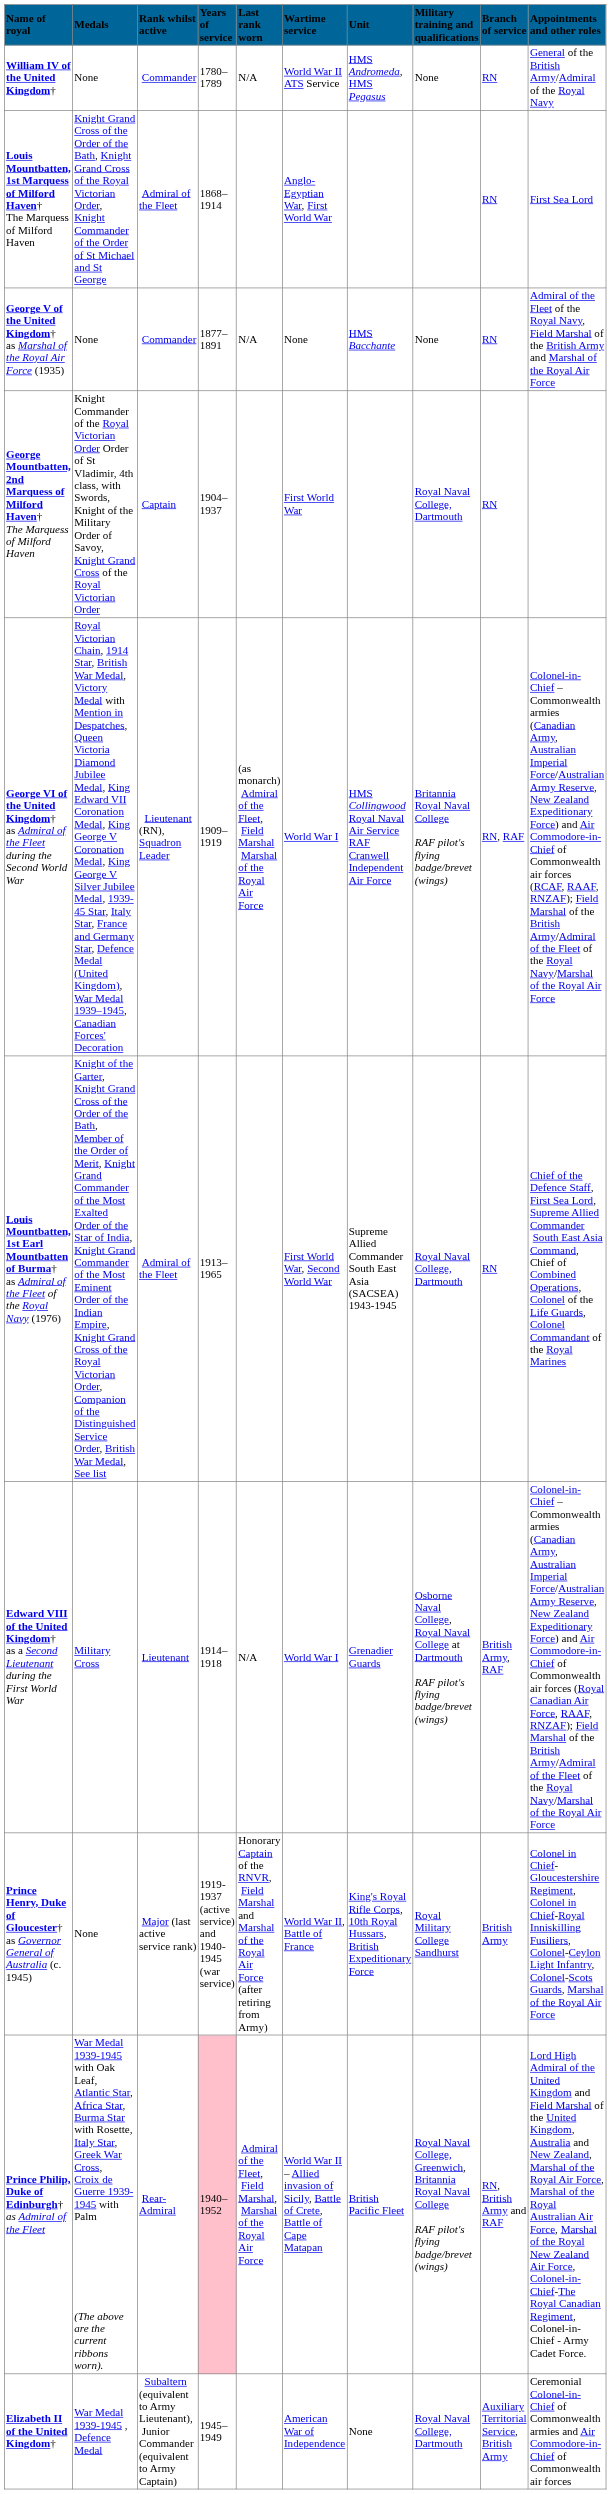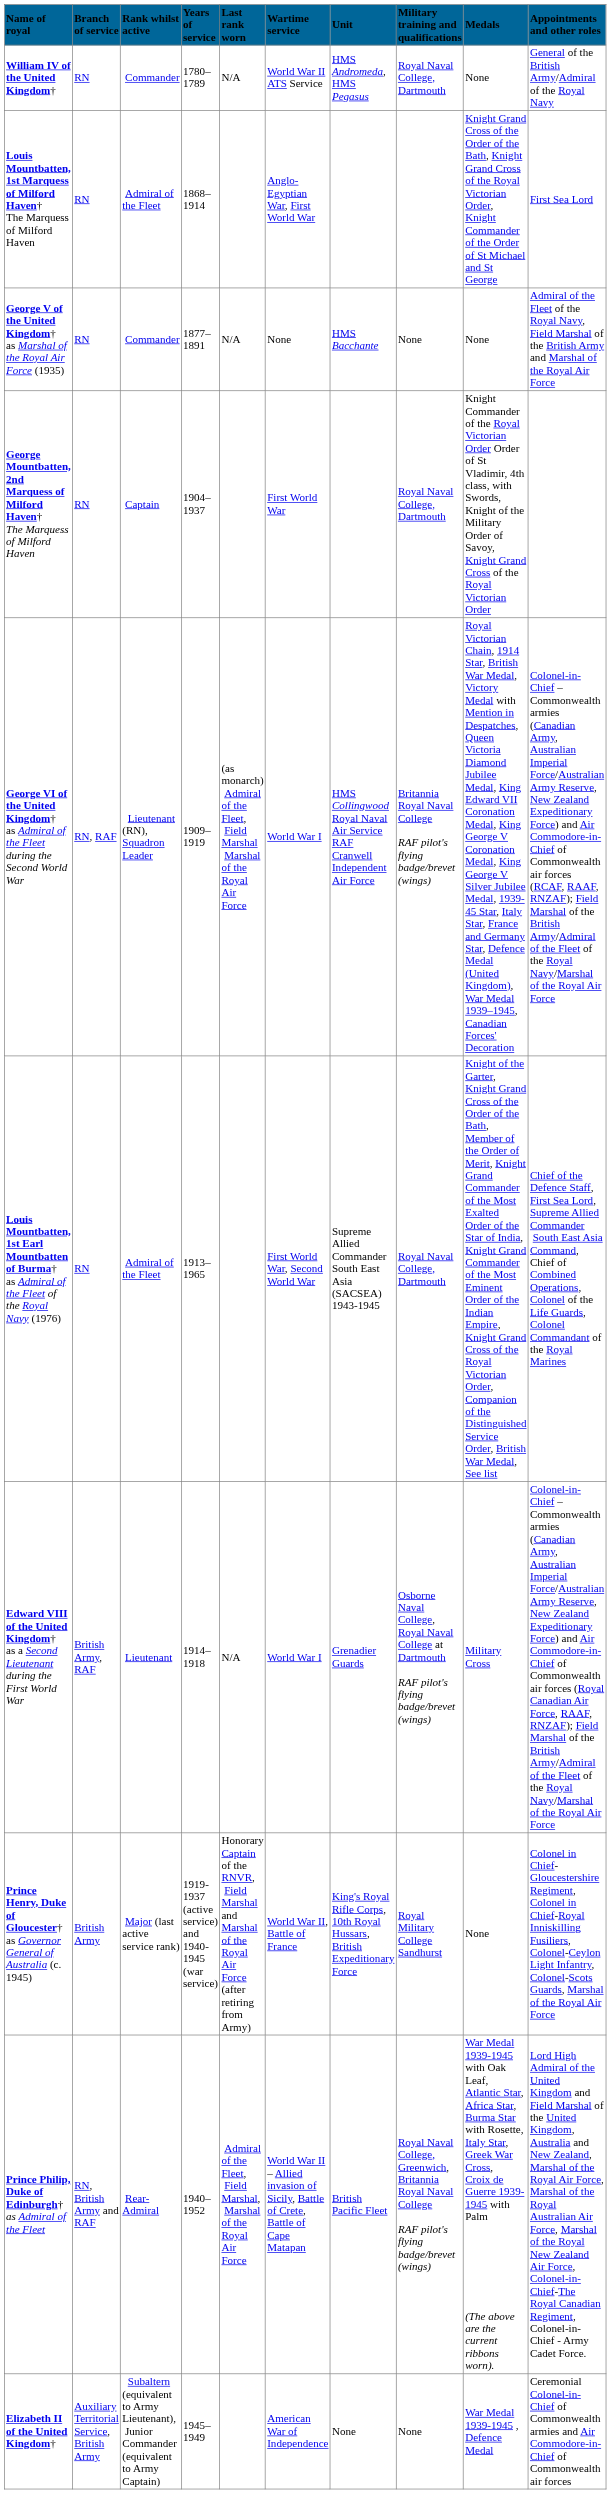 <table border="1" cellspacing="1" cellpadding="2" style="border-collapse: collapse;">
 <tr ---- bgcolor="#006699">
 <td><strong><span>Name of royal</span></strong></td>
-<td><strong><span>Medals</span></strong></td>
+<td><strong><span>Branch of service</span></strong></td>
 <td><strong><span>Rank whilst active</span></strong></td>
 <td><strong><span>Years of service</span></strong></td>
 <td><strong><span>Last rank worn</span></strong></td>
 <td><strong><span>Wartime service</span></strong></td>
 <td><strong><span>Unit</span></strong></td>
 <td><strong><span>Military training and qualifications</span></strong></td>
-<td><strong><span>Branch of service</span></strong></td>
+<td><strong><span>Medals</span></strong></td>
 <td><strong><span>Appointments and other roles</span></strong></td>
 </tr>
 <tr>
 <td><strong><a href='#'>William IV of the United Kingdom</a></strong>†<br></td>
-<td>None</td>
+<td><a href='#'>RN</a></td>
 <td> <a href='#'>Commander</a></td>
 <td>1780–1789</td>
 <td>N/A</td>
 <td><a href='#'>World War II</a> <a href='#'>ATS</a> Service</td>
 <td><a href='#'>HMS <em>Andromeda</em></a>, <a href='#'>HMS <em>Pegasus</em></a></td>
+<td><a href='#'>Royal Naval College, Dartmouth</a></td>
 <td>None</td>
-<td><a href='#'>RN</a></td>
 <td><a href='#'>General</a> of the <a href='#'>British Army</a>/<a href='#'>Admiral</a> of the <a href='#'>Royal Navy</a></td>
 </tr>
 <tr>
 <td><strong><a href='#'>Louis Mountbatten, 1st Marquess of Milford Haven</a></strong>†<br> The Marquess of Milford Haven</td>
-<td><a href='#'>Knight Grand Cross of the Order of the Bath</a>, <a href='#'>Knight Grand Cross of the Royal Victorian Order</a>, <a href='#'>Knight Commander of the Order of St Michael and St George</a></td>
+<td><a href='#'>RN</a></td>
 <td> <a href='#'>Admiral of the Fleet</a></td>
 <td>1868–1914</td>
 <td></td>
 <td><a href='#'>Anglo-Egyptian War</a>, <a href='#'>First World War</a></td>
 <td></td>
 <td></td>
-<td><a href='#'>RN</a></td>
+<td><a href='#'>Knight Grand Cross of the Order of the Bath</a>, <a href='#'>Knight Grand Cross of the Royal Victorian Order</a>, <a href='#'>Knight Commander of the Order of St Michael and St George</a></td>
 <td><a href='#'>First Sea Lord</a></td>
 </tr>
 <tr>
 <td><strong><a href='#'>George V of the United Kingdom</a></strong>†<br>  as <em><a href='#'>Marshal of the Royal Air Force</a></em> (1935)</td>
-<td>None</td>
+<td><a href='#'>RN</a></td>
 <td> <a href='#'>Commander</a></td>
 <td>1877–1891</td>
 <td>N/A</td>
 <td>None</td>
 <td><a href='#'>HMS <em>Bacchante</em></a></td>
 <td>None</td>
-<td><a href='#'>RN</a></td>
+<td>None</td>
 <td><a href='#'>Admiral of the Fleet</a> of the <a href='#'>Royal Navy</a>, <a href='#'>Field Marshal</a> of the <a href='#'>British Army</a> and <a href='#'>Marshal of the Royal Air Force</a></td>
 </tr>
 <tr>
 <td><strong><a href='#'>George Mountbatten, 2nd Marquess of Milford Haven</a></strong>†<br> <em>The Marquess of Milford Haven</em></td>
-<td>Knight Commander of the <a href='#'>Royal Victorian Order</a> Order of St Vladimir, 4th class, with Swords, Knight of the Military Order of Savoy,<br><a href='#'>Knight Grand Cross</a> of the <a href='#'>Royal Victorian Order</a></td>
+<td><a href='#'>RN</a></td>
 <td> <a href='#'>Captain</a></td>
 <td>1904–1937</td>
 <td></td>
 <td><a href='#'>First World War</a></td>
 <td></td>
 <td><a href='#'>Royal Naval College, Dartmouth</a></td>
-<td><a href='#'>RN</a></td>
+<td>Knight Commander of the <a href='#'>Royal Victorian Order</a> Order of St Vladimir, 4th class, with Swords, Knight of the Military Order of Savoy,<br><a href='#'>Knight Grand Cross</a> of the <a href='#'>Royal Victorian Order</a></td>
 <td></td>
 </tr>
 <tr>
 <td><strong><a href='#'>George VI of the United Kingdom</a></strong>†<br>  as <em><a href='#'>Admiral of the Fleet</a> during the Second World War</em></td>
-<td><a href='#'>Royal Victorian Chain</a>, <a href='#'>1914 Star</a>, <a href='#'>British War Medal</a>, <a href='#'>Victory Medal</a> with <a href='#'>Mention in Despatches</a>, <a href='#'>Queen Victoria Diamond Jubilee Medal</a>, <a href='#'>King Edward VII Coronation Medal</a>, <a href='#'>King George V Coronation Medal</a>, <a href='#'>King George V Silver Jubilee Medal</a>, <a href='#'>1939-45 Star</a>, <a href='#'>Italy Star</a>, <a href='#'>France and Germany Star</a>, <a href='#'>Defence Medal (United Kingdom)</a>, <a href='#'>War Medal 1939–1945</a>, <a href='#'>Canadian Forces' Decoration</a></td>
+<td><a href='#'>RN</a>, <a href='#'>RAF</a></td>
 <td>  <a href='#'>Lieutenant</a> (RN),   <a href='#'>Squadron Leader</a></td>
 <td>1909–1919</td>
 <td>(as monarch)<br>  <a href='#'>Admiral of the Fleet</a>,<br>  <a href='#'>Field Marshal</a><br>  <a href='#'>Marshal of the Royal Air Force</a></td>
 <td><a href='#'>World War I</a></td>
 <td><a href='#'>HMS <em>Collingwood</em></a><br><a href='#'>Royal Naval Air Service</a><br><a href='#'>RAF Cranwell</a><br><a href='#'>Independent Air Force</a></td>
 <td><a href='#'>Britannia Royal Naval College</a><br><br><em>RAF pilot's flying badge/brevet (wings)</em></td>
-<td><a href='#'>RN</a>, <a href='#'>RAF</a></td>
+<td><a href='#'>Royal Victorian Chain</a>, <a href='#'>1914 Star</a>, <a href='#'>British War Medal</a>, <a href='#'>Victory Medal</a> with <a href='#'>Mention in Despatches</a>, <a href='#'>Queen Victoria Diamond Jubilee Medal</a>, <a href='#'>King Edward VII Coronation Medal</a>, <a href='#'>King George V Coronation Medal</a>, <a href='#'>King George V Silver Jubilee Medal</a>, <a href='#'>1939-45 Star</a>, <a href='#'>Italy Star</a>, <a href='#'>France and Germany Star</a>, <a href='#'>Defence Medal (United Kingdom)</a>, <a href='#'>War Medal 1939–1945</a>, <a href='#'>Canadian Forces' Decoration</a></td>
 <td><a href='#'>Colonel-in-Chief</a> – Commonwealth armies (<a href='#'>Canadian Army</a>, <a href='#'>Australian Imperial Force</a>/<a href='#'>Australian Army Reserve</a>, <a href='#'>New Zealand Expeditionary Force</a>) and <a href='#'>Air Commodore-in-Chief</a> of Commonwealth air forces (<a href='#'>RCAF</a>, <a href='#'>RAAF</a>, <a href='#'>RNZAF</a>); <a href='#'>Field Marshal</a> of the <a href='#'>British Army</a>/<a href='#'>Admiral of the Fleet</a> of the <a href='#'>Royal Navy</a>/<a href='#'>Marshal of the Royal Air Force</a></td>
 </tr>
 <tr>
 <td><strong><a href='#'>Louis Mountbatten, 1st Earl Mountbatten of Burma</a></strong>†<br>  as <em><a href='#'>Admiral of the Fleet</a> of the <a href='#'>Royal Navy</a></em> (1976)</td>
-<td><a href='#'>Knight of the Garter</a>, <a href='#'>Knight Grand Cross of the Order of the Bath</a>, <a href='#'>Member of the Order of Merit</a>, <a href='#'>Knight Grand Commander of the Most Exalted Order of the Star of India</a>, <a href='#'>Knight Grand Commander of the Most Eminent Order of the Indian Empire</a>, <a href='#'>Knight Grand Cross of the Royal Victorian Order</a>, <a href='#'>Companion of the Distinguished Service Order</a>, <a href='#'>British War Medal</a>, <a href='#'>See list</a></td>
+<td><a href='#'>RN</a></td>
 <td> <a href='#'>Admiral of the Fleet</a></td>
 <td>1913–1965</td>
 <td></td>
 <td><a href='#'>First World War</a>, <a href='#'>Second World War</a></td>
 <td>Supreme Allied Commander South East Asia (SACSEA) 1943-1945</td>
 <td><a href='#'>Royal Naval College, Dartmouth</a></td>
-<td><a href='#'>RN</a></td>
+<td><a href='#'>Knight of the Garter</a>, <a href='#'>Knight Grand Cross of the Order of the Bath</a>, <a href='#'>Member of the Order of Merit</a>, <a href='#'>Knight Grand Commander of the Most Exalted Order of the Star of India</a>, <a href='#'>Knight Grand Commander of the Most Eminent Order of the Indian Empire</a>, <a href='#'>Knight Grand Cross of the Royal Victorian Order</a>, <a href='#'>Companion of the Distinguished Service Order</a>, <a href='#'>British War Medal</a>, <a href='#'>See list</a></td>
 <td><a href='#'>Chief of the Defence Staff</a>, <a href='#'>First Sea Lord</a>, <a href='#'>Supreme Allied Commander</a>  <a href='#'>South East Asia Command</a>, Chief of <a href='#'>Combined Operations</a>, <a href='#'>Colonel</a> of the <a href='#'>Life Guards</a>, <a href='#'>Colonel Commandant</a> of the <a href='#'>Royal Marines</a></td>
 </tr>
 <tr>
 <td><strong><a href='#'>Edward VIII of the United Kingdom</a></strong>†<br>  as a <em><a href='#'>Second Lieutenant</a> during the First World War</em></td>
-<td><a href='#'>Military Cross</a></td>
+<td><a href='#'>British Army</a>, <a href='#'>RAF</a></td>
 <td> <a href='#'>Lieutenant</a></td>
 <td>1914–1918</td>
 <td>N/A</td>
 <td><a href='#'>World War I</a></td>
 <td><a href='#'>Grenadier Guards</a></td>
 <td><a href='#'>Osborne Naval College</a>, <a href='#'>Royal Naval College</a> at <a href='#'>Dartmouth</a><br><br><em>RAF pilot's flying badge/brevet (wings)</em></td>
-<td><a href='#'>British Army</a>, <a href='#'>RAF</a></td>
+<td><a href='#'>Military Cross</a></td>
 <td><a href='#'>Colonel-in-Chief</a> – Commonwealth armies (<a href='#'>Canadian Army</a>, <a href='#'>Australian Imperial Force</a>/<a href='#'>Australian Army Reserve</a>, <a href='#'>New Zealand Expeditionary Force</a>) and <a href='#'>Air Commodore-in-Chief</a> of Commonwealth air forces (<a href='#'>Royal Canadian Air Force</a>, <a href='#'>RAAF</a>, <a href='#'>RNZAF</a>); <a href='#'>Field Marshal</a> of the <a href='#'>British Army</a>/<a href='#'>Admiral of the Fleet</a> of the <a href='#'>Royal Navy</a>/<a href='#'>Marshal of the Royal Air Force</a></td>
 </tr>
 <tr>
 <td><strong><a href='#'>Prince Henry, Duke of Gloucester</a></strong>†<br> as <em><a href='#'>Governor General of Australia</a></em> (c. 1945)</td>
-<td>None</td>
+<td><a href='#'>British Army</a></td>
 <td> <a href='#'>Major</a> (last active service rank)</td>
 <td>1919-1937 (active service) and 1940-1945 (war service)</td>
 <td>Honorary <a href='#'>Captain</a> of the <a href='#'>RNVR</a>,  <a href='#'>Field Marshal</a> and <a href='#'>Marshal of the Royal Air Force</a> (after retiring from Army)</td>
 <td><a href='#'>World War II</a>, <a href='#'>Battle of France</a></td>
 <td><a href='#'>King's Royal Rifle Corps</a>, <a href='#'>10th Royal Hussars</a>, <a href='#'>British Expeditionary Force</a></td>
 <td><a href='#'>Royal Military College Sandhurst</a></td>
-<td><a href='#'>British Army</a></td>
+<td>None</td>
 <td><a href='#'>Colonel in Chief</a>-<a href='#'>Gloucestershire Regiment</a>, <a href='#'>Colonel in Chief</a>-<a href='#'>Royal Inniskilling Fusiliers</a>, <a href='#'>Colonel</a>-<a href='#'>Ceylon Light Infantry</a>, <a href='#'>Colonel</a>-<a href='#'>Scots Guards</a>, <a href='#'>Marshal of the Royal Air Force</a></td>
 </tr>
 <tr>
 <td><strong><a href='#'>Prince Philip, Duke of Edinburgh</a></strong>† <em>as <a href='#'>Admiral of the Fleet</a></em></td>
-<td><a href='#'>War Medal 1939-1945</a> with Oak Leaf, <br> <a href='#'>Atlantic Star</a>, <br> <a href='#'>Africa Star</a>, <br> <a href='#'>Burma Star</a> with Rosette, <br> <a href='#'>Italy Star</a>, <br> <a href='#'>Greek War Cross</a>, <br> <a href='#'>Croix de Guerre 1939-1945</a> with Palm<br><div>  <br>   <br>   <br>   <br>   <br>   <br>   <br><em>(The above are the current ribbons worn).</em> </div></td>
+<td><a href='#'>RN</a>,<br> <a href='#'>British Army</a> and <a href='#'>RAF</a></td>
 <td> <a href='#'>Rear-Admiral</a></td>
-<td style="background: pink;">1940–1952</td>
+<td>1940–1952</td>
 <td> <a href='#'>Admiral of the Fleet</a>,<br>  <a href='#'>Field Marshal</a>,<br> <a href='#'>Marshal of the Royal Air Force</a></td>
 <td><a href='#'>World War II</a> – <a href='#'>Allied invasion of Sicily</a>, <a href='#'>Battle of Crete</a>, <a href='#'>Battle of Cape Matapan</a></td>
 <td><a href='#'>British Pacific Fleet</a></td>
 <td><a href='#'>Royal Naval College, Greenwich</a>, <a href='#'>Britannia Royal Naval College</a><br><br><em>RAF pilot's flying badge/brevet (wings)</em></td>
-<td><a href='#'>RN</a>,<br> <a href='#'>British Army</a> and <a href='#'>RAF</a></td>
+<td><a href='#'>War Medal 1939-1945</a> with Oak Leaf, <br> <a href='#'>Atlantic Star</a>, <br> <a href='#'>Africa Star</a>, <br> <a href='#'>Burma Star</a> with Rosette, <br> <a href='#'>Italy Star</a>, <br> <a href='#'>Greek War Cross</a>, <br> <a href='#'>Croix de Guerre 1939-1945</a> with Palm<br><div>  <br>   <br>   <br>   <br>   <br>   <br>   <br><em>(The above are the current ribbons worn).</em> </div></td>
 <td><a href='#'>Lord High Admiral of the United Kingdom</a> and <a href='#'>Field Marshal</a> of the <a href='#'>United Kingdom</a>, <a href='#'>Australia</a> and <a href='#'>New Zealand</a>, <a href='#'>Marshal of the Royal Air Force</a>, <a href='#'>Marshal of the Royal Australian Air Force</a>, <a href='#'>Marshal of the Royal New Zealand Air Force</a>, <a href='#'>Colonel-in-Chief</a>-<a href='#'>The Royal Canadian Regiment</a>, Colonel-in-Chief - Army Cadet Force.</td>
 </tr>
 <tr>
 <td><strong><a href='#'>Elizabeth II of the United Kingdom</a></strong>†</td>
-<td><a href='#'>War Medal 1939-1945</a> , <br> <a href='#'>Defence Medal</a> </td>
+<td><a href='#'>Auxiliary Territorial Service</a>, <a href='#'>British Army</a></td>
 <td>  <a href='#'>Subaltern</a> (equivalent to Army Lieutenant),<br>  Junior Commander (equivalent to Army Captain)</td>
 <td>1945–1949</td>
 <td></td>
 <td><a href='#'>American War of Independence</a></td>
 <td>None</td>
-<td><a href='#'>Royal Naval College, Dartmouth</a></td>
-<td><a href='#'>Auxiliary Territorial Service</a>, <a href='#'>British Army</a></td>
+<td>None</td>
+<td><a href='#'>War Medal 1939-1945</a> , <br> <a href='#'>Defence Medal</a> </td>
 <td>Ceremonial <a href='#'>Colonel-in-Chief</a> of Commonwealth armies and <a href='#'>Air Commodore-in-Chief</a> of Commonwealth air forces</td>
 </tr>
 </table>
